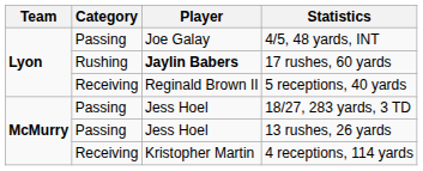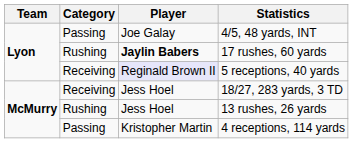 <table class="wikitable" style="float: left;">
 <tr>
 <th>Team</th>
 <th>Category</th>
 <th>Player</th>
 <th>Statistics</th>
 </tr>
 <tr>
 <td rowspan=3><strong>Lyon</strong></td>
 <td>Passing</td>
 <td>Joe Galay</td>
 <td>4/5, 48 yards, INT</td>
 </tr>
 <tr>
 <td>Rushing</td>
 <td><strong>Jaylin Babers</strong></td>
 <td>17 rushes, 60 yards</td>
 </tr>
 <tr>
 <td>Receiving</td>
-<td>Reginald Brown II</td>
+<td style="background: lavender;">Reginald Brown II</td>
 <td>5 receptions, 40 yards</td>
 </tr>
 <tr>
 <td rowspan=3><strong>McMurry</strong></td>
-<td>Passing</td>
+<td>Receiving</td>
 <td>Jess Hoel</td>
 <td>18/27, 283 yards, 3 TD</td>
 </tr>
 <tr>
-<td>Passing</td>
+<td>Rushing</td>
 <td>Jess Hoel</td>
 <td>13 rushes, 26 yards</td>
 </tr>
 <tr>
-<td>Receiving</td>
+<td>Passing</td>
 <td>Kristopher Martin</td>
 <td>4 receptions, 114 yards</td>
 </tr>
 </table>
